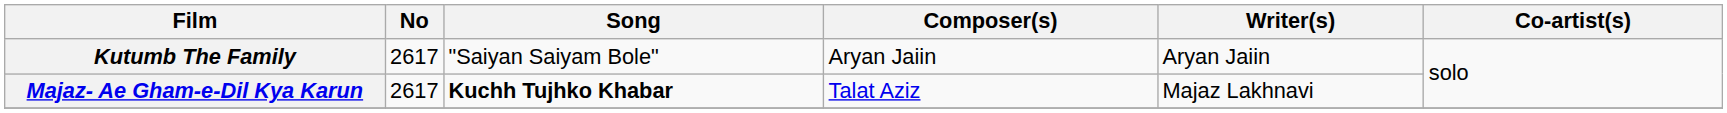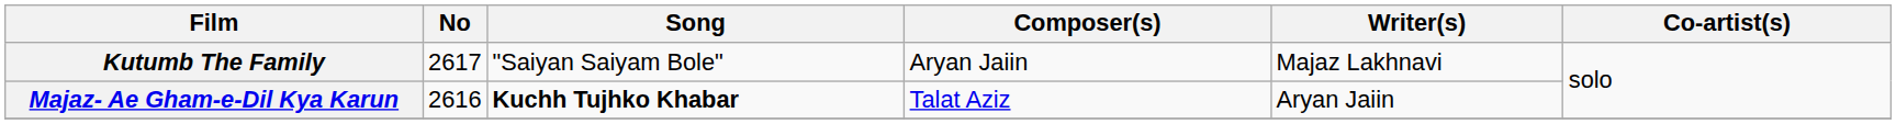 <table class="wikitable plainrowheaders" width="100%" textcolor:#000;">
 <tr style="background:#b0e0e66;">
 <th scope="col" width=23%><strong>Film</strong></th>
 <th><strong>No</strong></th>
 <th scope="col" width=23%><strong>Song</strong></th>
 <th scope="col" width=20%><strong>Composer(s)</strong></th>
 <th scope="col" width=16%><strong>Writer(s)</strong></th>
 <th scope="col" width=18%><strong>Co-artist(s)</strong></th>
 </tr>
 <tr>
 <th><em>Kutumb The Family</em></th>
 <td>2617</td>
 <td>"Saiyan Saiyam Bole"</td>
 <td>Aryan Jaiin</td>
-<td>Aryan Jaiin</td>
+<td>Majaz Lakhnavi</td>
 <td rowspan=2>solo</td>
 </tr>
 <tr>
 <th><em><a href='#'>Majaz- Ae Gham-e-Dil Kya Karun</a></em></th>
-<td>2617</td>
+<td>2616</td>
 <td><strong>Kuchh Tujhko Khabar</strong></td>
 <td><a href='#'>Talat Aziz</a></td>
-<td>Majaz Lakhnavi</td>
+<td>Aryan Jaiin</td>
 </tr>
 <tr>
 </tr>
 </table>
